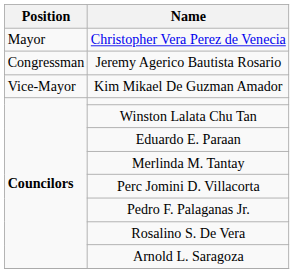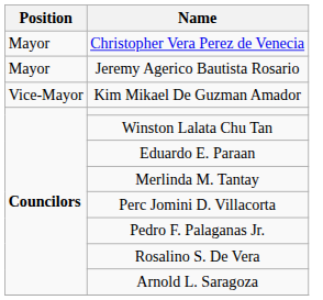 <table class="wikitable" style="line-height:1.20em; font-size:100%;">
 <tr>
 <th>Position</th>
 <th>Name</th>
 </tr>
 <tr>
 <td>Mayor</td>
 <td style="text-align:center;"><a href='#'>Christopher Vera Perez de Venecia</a></td>
 </tr>
 <tr>
-<td>Congressman</td>
+<td>Mayor</td>
 <td style="text-align:center;">Jeremy Agerico Bautista Rosario</td>
 </tr>
 <tr>
 <td>Vice-Mayor</td>
 <td style="text-align:center;">Kim Mikael De Guzman Amador</td>
 </tr>
 <tr>
 <td rowspan=8><strong>Councilors</strong></td>
 <td style="text-align:center;"></td>
 </tr>
 <tr>
 <td style="text-align:center;">Winston Lalata Chu Tan</td>
 </tr>
 <tr>
 <td style="text-align:center;">Eduardo E. Paraan</td>
 </tr>
 <tr>
 <td style="text-align:center;">Merlinda M. Tantay</td>
 </tr>
 <tr>
 <td style="text-align:center;">Perc Jomini D. Villacorta</td>
 </tr>
 <tr>
 <td style="text-align:center;">Pedro F. Palaganas Jr.</td>
 </tr>
 <tr>
 <td style="text-align:center;">Rosalino S. De Vera</td>
 </tr>
 <tr>
 <td style="text-align:center;">Arnold L. Saragoza</td>
 </tr>
 <tr>
 </tr>
 </table>
